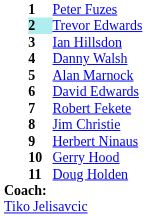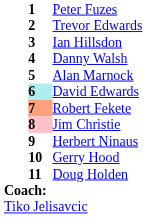 <table style="font-size: 90%" cellspacing="0" cellpadding="0">
 <tr>
 <th width="25"></th>
 <th width="25"></th>
 </tr>
 <tr>
 <td></td>
 <td><strong>1</strong></td>
 <td> <a href='#'>Peter Fuzes</a></td>
 </tr>
 <tr>
 <td></td>
-<td style="background: paleturquoise;"><strong>2</strong></td>
+<td><strong>2</strong></td>
 <td> <a href='#'>Trevor Edwards</a></td>
 </tr>
 <tr>
 <td></td>
 <td><strong>3</strong></td>
 <td> <a href='#'>Ian Hillsdon</a></td>
 </tr>
 <tr>
 <td></td>
 <td><strong>4</strong></td>
 <td> <a href='#'>Danny Walsh</a></td>
 </tr>
 <tr>
 <td></td>
 <td><strong>5</strong></td>
 <td> <a href='#'>Alan Marnock</a></td>
 </tr>
 <tr>
 <td></td>
-<td><strong>6</strong></td>
+<td style="background: paleturquoise;"><strong>6</strong></td>
 <td> <a href='#'>David Edwards</a></td>
 </tr>
 <tr>
 <td></td>
-<td><strong>7</strong></td>
+<td style="background: lightsalmon;"><strong>7</strong></td>
 <td> <a href='#'>Robert Fekete</a></td>
 </tr>
 <tr>
 <td></td>
-<td><strong>8</strong></td>
+<td style="background: pink;"><strong>8</strong></td>
 <td> <a href='#'>Jim Christie</a></td>
 </tr>
 <tr>
 <td></td>
 <td><strong>9</strong></td>
 <td> <a href='#'>Herbert Ninaus</a></td>
 </tr>
 <tr>
 <td></td>
 <td><strong>10</strong></td>
 <td> <a href='#'>Gerry Hood</a></td>
 </tr>
 <tr>
 <td></td>
 <td><strong>11</strong></td>
 <td> <a href='#'>Doug Holden</a></td>
 </tr>
 <tr>
 </tr>
 <tr>
 <td colspan=4><strong>Coach:</strong></td>
 </tr>
 <tr>
 <td colspan=4> <a href='#'>Tiko Jelisavcic</a></td>
 </tr>
 </table>
